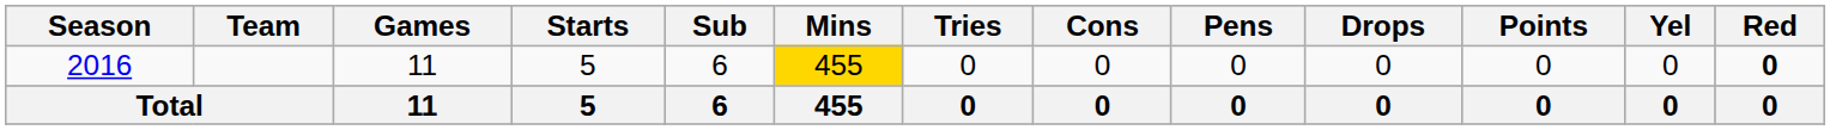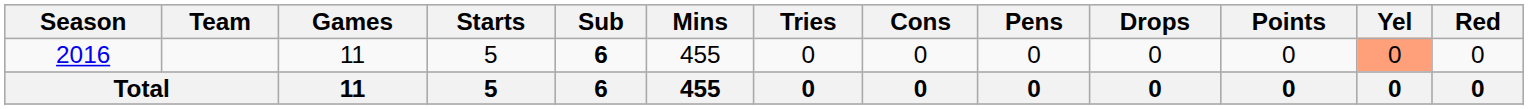 <table class="wikitable" style="text-align:center; line-height:90%; font-size:95%; width:60%;">
 <tr>
 <th>Season</th>
 <th>Team</th>
 <th>Games</th>
 <th>Starts</th>
 <th>Sub</th>
 <th>Mins</th>
 <th>Tries</th>
 <th>Cons</th>
 <th>Pens</th>
 <th>Drops</th>
 <th>Points</th>
 <th>Yel</th>
 <th>Red</th>
 </tr>
 <tr>
 <td><a href='#'>2016</a></td>
 <td></td>
 <td>11</td>
 <td>5</td>
-<td>6</td>
-<td style="background: gold;">455</td>
+<td><strong>6</strong></td>
+<td>455</td>
 <td>0</td>
 <td>0</td>
 <td>0</td>
 <td>0</td>
 <td>0</td>
+<td style="background: lightsalmon;">0</td>
 <td>0</td>
-<td><strong>0</strong></td>
 </tr>
 <tr>
 <th colspan="2">Total</th>
 <th>11</th>
 <th>5</th>
 <th>6</th>
 <th>455</th>
 <th>0</th>
 <th>0</th>
 <th>0</th>
 <th>0</th>
 <th>0</th>
 <th>0</th>
 <th>0</th>
 </tr>
 </table>
